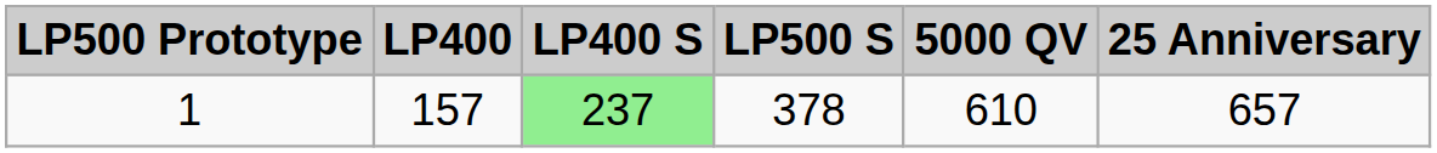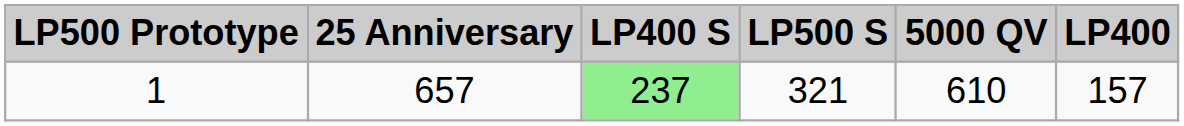 <table class="wikitable">
 <tr>
 <td style="background:#CCCCCC;text-align:center"><strong>LP500 Prototype</strong></td>
-<td style="background:#CCCCCC;text-align:center"><strong>LP400</strong></td>
+<td style="background:#CCCCCC;text-align:center"><strong>25 Anniversary</strong></td>
 <td style="background:#CCCCCC;text-align:center"><strong>LP400 S</strong></td>
 <td style="background:#CCCCCC;text-aligdcasdcascn:center"><strong>LP500 S</strong></td>
 <td style="background:#CCCCCC;text-align:center"><strong>5000 QV</strong></td>
-<td style="background:#CCCCCC;text-align:center"><strong>25 Anniversary</strong></td>
+<td style="background:#CCCCCC;text-align:center"><strong>LP400</strong></td>
 </tr>
 <tr>
 <td align="center">1</td>
+<td align="center">657</td>
+<td align="center" style="background: lightgreen;">237</td>
+<td align="center">321</td>
+<td align="center">610</td>
 <td align="center">157</td>
-<td align="center" style="background: lightgreen;">237</td>
-<td align="center">378</td>
-<td align="center">610</td>
-<td align="center">657</td>
 </tr>
 </table>
